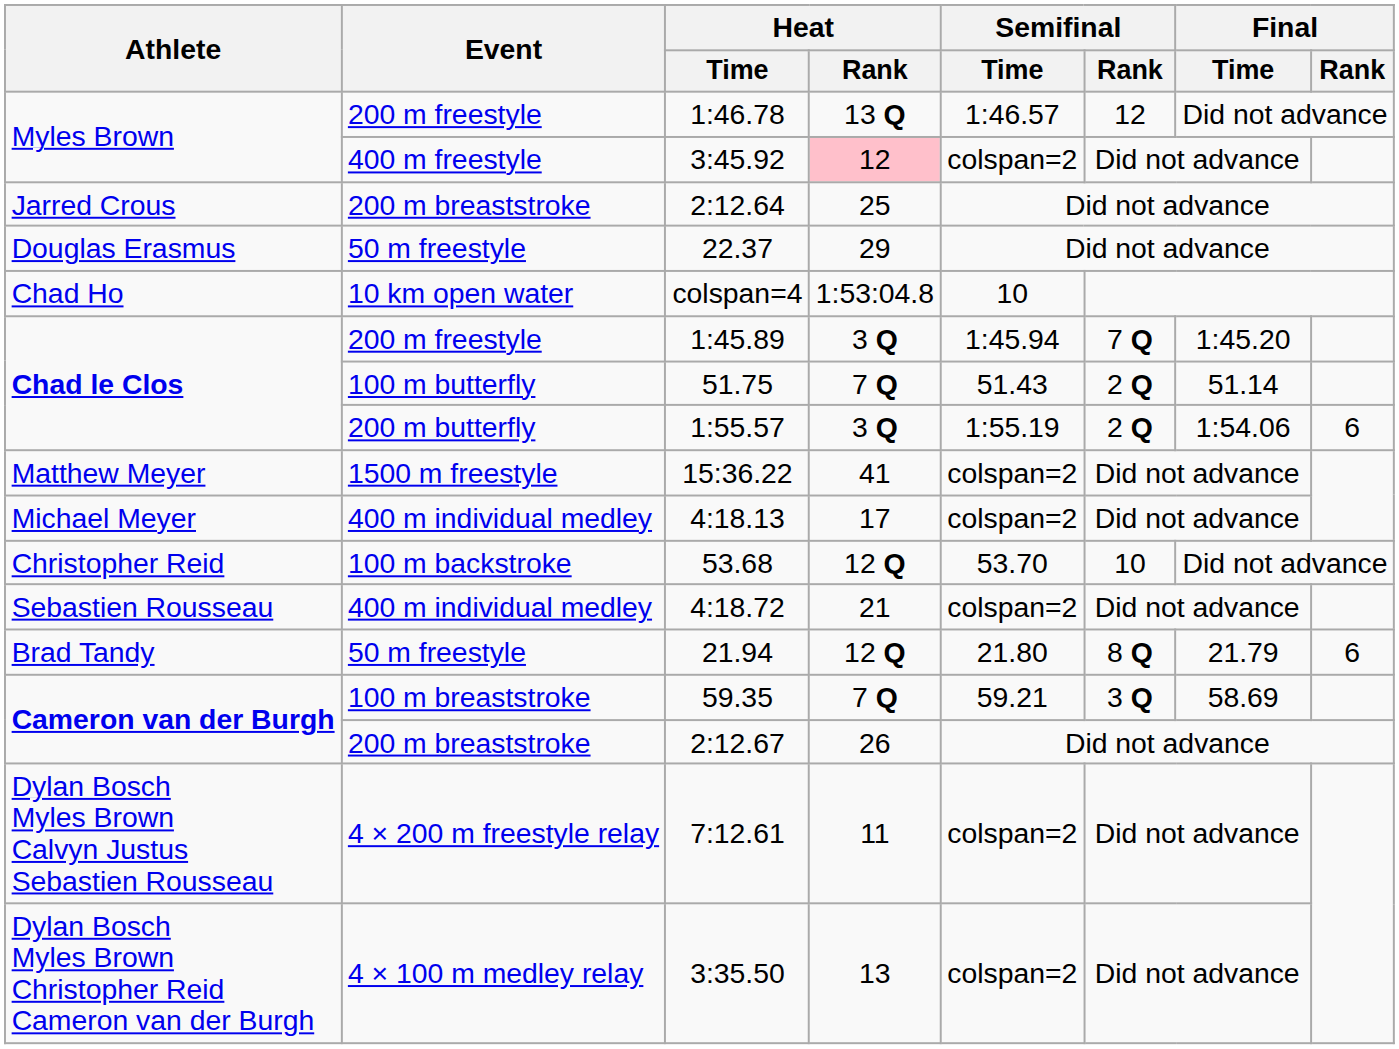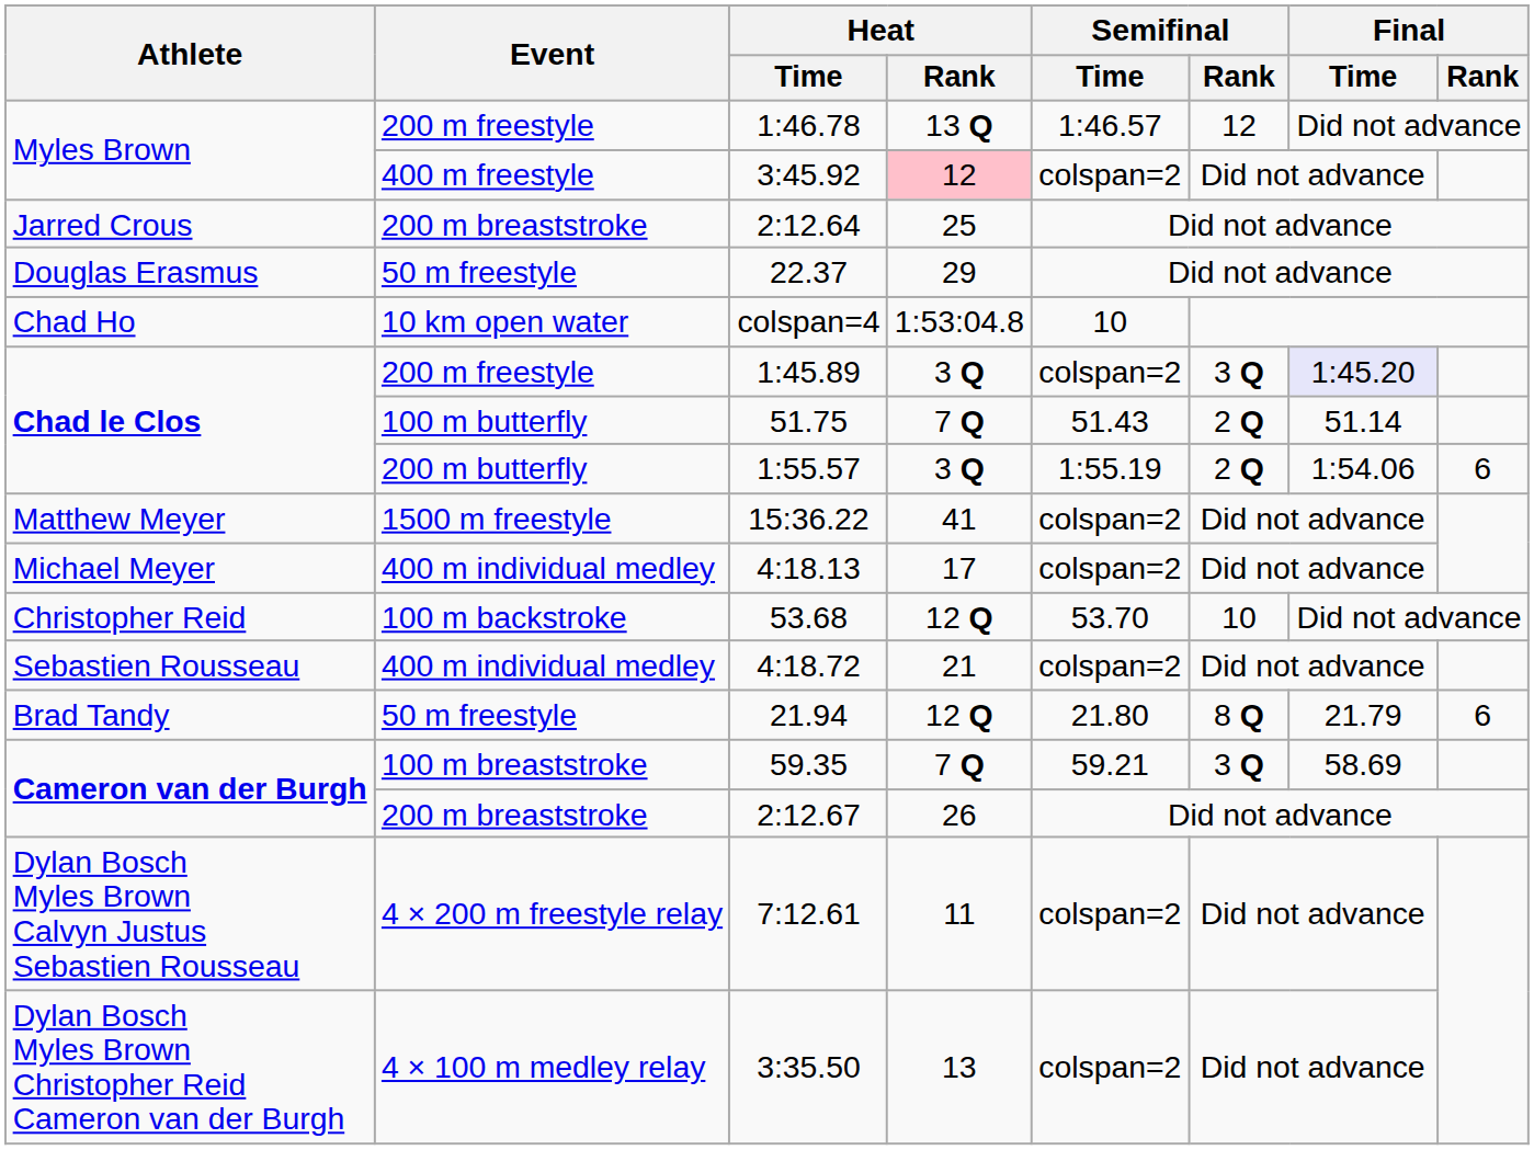 <table class=wikitable style="font-size:90%">
 <tr>
 <th rowspan="2">Athlete</th>
 <th rowspan="2">Event</th>
 <th colspan="2">Heat</th>
 <th colspan="2">Semifinal</th>
 <th colspan="2">Final</th>
 </tr>
 <tr style="font-size:95%">
 <th>Time</th>
 <th>Rank</th>
 <th>Time</th>
 <th>Rank</th>
 <th>Time</th>
 <th>Rank</th>
 </tr>
 <tr align=center>
 <td align=left rowspan=2><a href='#'>Myles Brown</a></td>
 <td align=left><a href='#'>200 m freestyle</a></td>
 <td>1:46.78</td>
 <td>13 <strong>Q</strong></td>
 <td>1:46.57</td>
 <td>12</td>
 <td colspan=2>Did not advance</td>
 </tr>
 <tr align=center>
 <td align=left><a href='#'>400 m freestyle</a></td>
 <td>3:45.92</td>
 <td style="background: pink;">12</td>
 <td>colspan=2 </td>
 <td colspan=2>Did not advance</td>
 </tr>
 <tr align=center>
 <td align=left><a href='#'>Jarred Crous</a></td>
 <td align=left><a href='#'>200 m breaststroke</a></td>
 <td>2:12.64</td>
 <td>25</td>
 <td colspan=4>Did not advance</td>
 </tr>
 <tr align=center>
 <td align=left><a href='#'>Douglas Erasmus</a></td>
 <td align=left><a href='#'>50 m freestyle</a></td>
 <td>22.37</td>
 <td>29</td>
 <td colspan=4>Did not advance</td>
 </tr>
 <tr align=center>
 <td align=left><a href='#'>Chad Ho</a></td>
 <td align=left><a href='#'>10 km open water</a></td>
 <td>colspan=4 </td>
 <td>1:53:04.8</td>
 <td>10</td>
 </tr>
 <tr align=center>
 <td align=left rowspan=3><strong><a href='#'>Chad le Clos</a></strong></td>
 <td align=left><a href='#'>200 m freestyle</a></td>
 <td>1:45.89</td>
 <td>3 <strong>Q</strong></td>
-<td>1:45.94</td>
-<td>7 <strong>Q</strong></td>
-<td>1:45.20</td>
+<td>colspan=2 </td>
+<td>3 <strong>Q</strong></td>
+<td style="background: lavender;">1:45.20</td>
 <td></td>
 </tr>
 <tr align=center>
 <td align=left><a href='#'>100 m butterfly</a></td>
 <td>51.75</td>
 <td>7 <strong>Q</strong></td>
 <td>51.43</td>
 <td>2 <strong>Q</strong></td>
 <td>51.14</td>
 <td></td>
 </tr>
 <tr align=center>
 <td align=left><a href='#'>200 m butterfly</a></td>
 <td>1:55.57</td>
 <td>3 <strong>Q</strong></td>
 <td>1:55.19</td>
 <td>2 <strong>Q</strong></td>
 <td>1:54.06</td>
 <td>6</td>
 </tr>
 <tr align=center>
 <td align=left><a href='#'>Matthew Meyer</a></td>
 <td align=left><a href='#'>1500 m freestyle</a></td>
 <td>15:36.22</td>
 <td>41</td>
 <td>colspan=2 </td>
 <td colspan=2>Did not advance</td>
 </tr>
 <tr align=center>
 <td align=left><a href='#'>Michael Meyer</a></td>
 <td align=left><a href='#'>400 m individual medley</a></td>
 <td>4:18.13</td>
 <td>17</td>
 <td>colspan=2 </td>
 <td colspan=2>Did not advance</td>
 </tr>
 <tr align=center>
 <td align=left><a href='#'>Christopher Reid</a></td>
 <td align=left><a href='#'>100 m backstroke</a></td>
 <td>53.68</td>
 <td>12 <strong>Q</strong></td>
 <td>53.70</td>
 <td>10</td>
 <td colspan=2>Did not advance</td>
 </tr>
 <tr align=center>
 <td align=left><a href='#'>Sebastien Rousseau</a></td>
 <td align=left><a href='#'>400 m individual medley</a></td>
 <td>4:18.72</td>
 <td>21</td>
 <td>colspan=2 </td>
 <td colspan=2>Did not advance</td>
 </tr>
 <tr align=center>
 <td align=left><a href='#'>Brad Tandy</a></td>
 <td align=left><a href='#'>50 m freestyle</a></td>
 <td>21.94</td>
 <td>12 <strong>Q</strong></td>
 <td>21.80</td>
 <td>8 <strong>Q</strong></td>
 <td>21.79</td>
 <td>6</td>
 </tr>
 <tr align=center>
 <td align=left rowspan=2><strong><a href='#'>Cameron van der Burgh</a></strong></td>
 <td align=left><a href='#'>100 m breaststroke</a></td>
 <td>59.35</td>
 <td>7 <strong>Q</strong></td>
 <td>59.21</td>
 <td>3 <strong>Q</strong></td>
 <td>58.69</td>
 <td></td>
 </tr>
 <tr align=center>
 <td align=left><a href='#'>200 m breaststroke</a></td>
 <td>2:12.67</td>
 <td>26</td>
 <td colspan=4>Did not advance</td>
 </tr>
 <tr align=center>
 <td align=left><a href='#'>Dylan Bosch</a><br><a href='#'>Myles Brown</a><br><a href='#'>Calvyn Justus</a><br><a href='#'>Sebastien Rousseau</a></td>
 <td align=left><a href='#'>4 × 200 m freestyle relay</a></td>
 <td>7:12.61</td>
 <td>11</td>
 <td>colspan=2 </td>
 <td colspan=2>Did not advance</td>
 </tr>
 <tr align=center>
 <td align=left><a href='#'>Dylan Bosch</a><br><a href='#'>Myles Brown</a><br><a href='#'>Christopher Reid</a><br><a href='#'>Cameron van der Burgh</a></td>
 <td align=left><a href='#'>4 × 100 m medley relay</a></td>
 <td>3:35.50</td>
 <td>13</td>
 <td>colspan=2 </td>
 <td colspan=2>Did not advance</td>
 </tr>
 </table>
